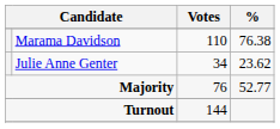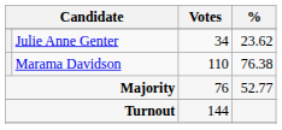 <table class="wikitable" style="font-size: 95%;">
 <tr style="background-color:#E9E9E9">
 <th colspan="2" style="width: 170px">Candidate</th>
 <th style="width: 50px">Votes</th>
 <th style="width: 40px">%</th>
 </tr>
 <tr>
 </tr>
 <tr>
 <th style="background-color: "></th>
+<td style="width: 170px"><a href='#'>Julie Anne Genter</a></td>
+<td align="right">34</td>
+<td align="right">23.62</td>
+</tr>
+<tr>
+<th style="background-color: "></th>
 <td style="width: 170px"><a href='#'>Marama Davidson</a></td>
 <td align="right">110</td>
 <td align="right">76.38</td>
-</tr>
-<tr>
-<th style="background-color: "></th>
-<td style="width: 170px"><a href='#'>Julie Anne Genter</a></td>
-<td align="right">34</td>
-<td align="right">23.62</td>
 </tr>
 <tr style="background-color:#F6F6F6">
 <td colspan="2" align="right"><strong>Majority</strong></td>
 <td align="right">76</td>
 <td align="right">52.77</td>
 </tr>
 <tr>
 </tr>
 <tr style="background-color:#F6F6F6">
 <td colspan="2" align="right"><strong>Turnout</strong></td>
 <td align="right">144</td>
 <td></td>
 </tr>
 <tr>
 </tr>
 <tr style="background-color:#F6F6F6">
 </tr>
 </table>
